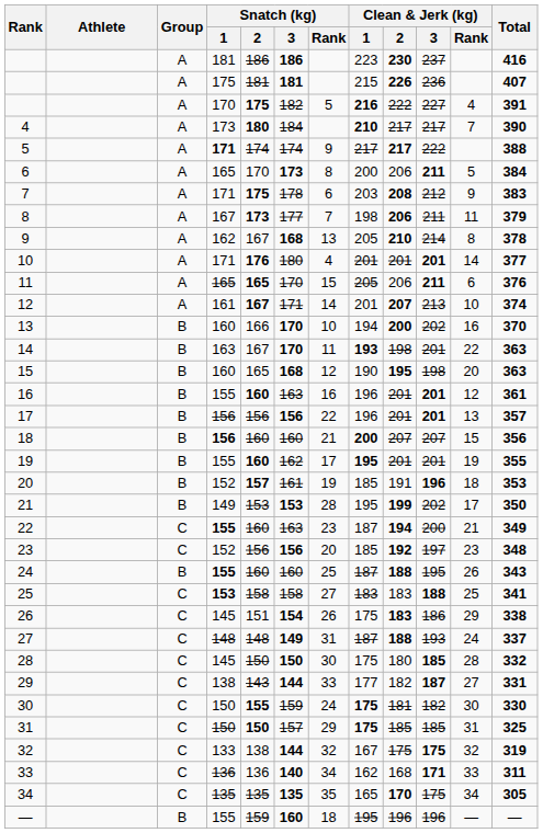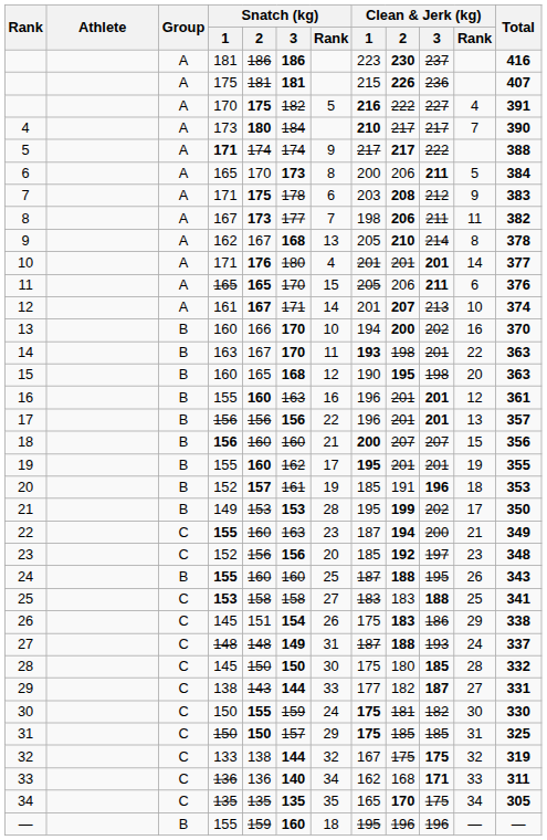 <table class = "wikitable" style="text-align:center;">
 <tr>
 <th rowspan=2 width=40>Rank</th>
 <th rowspan=2 width=250>Athlete</th>
 <th rowspan=2 width=50>Group</th>
 <th colspan=4>Snatch (kg)</th>
 <th colspan=4>Clean & Jerk (kg)</th>
 <th rowspan=2 width=60>Total</th>
 </tr>
 <tr>
 <th width=40>1</th>
 <th width=40>2</th>
 <th width=40>3</th>
 <th width=40>Rank</th>
 <th width=40>1</th>
 <th width=40>2</th>
 <th width=40>3</th>
 <th width=40>Rank</th>
 </tr>
 <tr>
 <td></td>
 <td align=left></td>
 <td>A</td>
 <td>181</td>
 <td><s>186 </s></td>
 <td><strong>186</strong></td>
 <td></td>
 <td>223</td>
 <td><strong>230</strong></td>
 <td><s>237 </s></td>
 <td></td>
 <td><strong>416</strong></td>
 </tr>
 <tr>
 <td></td>
 <td align=left></td>
 <td>A</td>
 <td>175</td>
 <td><s>181 </s></td>
 <td><strong>181</strong></td>
 <td></td>
 <td>215</td>
 <td><strong>226</strong></td>
 <td><s>236 </s></td>
 <td></td>
 <td><strong>407</strong></td>
 </tr>
 <tr>
 <td></td>
 <td align=left></td>
 <td>A</td>
 <td>170</td>
 <td><strong>175</strong></td>
 <td><s>182 </s></td>
 <td>5</td>
 <td><strong>216</strong></td>
 <td><s>222 </s></td>
 <td><s>227 </s></td>
 <td>4</td>
 <td><strong>391</strong></td>
 </tr>
 <tr>
 <td>4</td>
 <td align=left></td>
 <td>A</td>
 <td>173</td>
 <td><strong>180</strong></td>
 <td><s>184 </s></td>
 <td></td>
 <td><strong>210</strong></td>
 <td><s>217 </s></td>
 <td><s>217 </s></td>
 <td>7</td>
 <td><strong>390</strong></td>
 </tr>
 <tr>
 <td>5</td>
 <td align=left></td>
 <td>A</td>
 <td><strong>171</strong></td>
 <td><s>174 </s></td>
 <td><s>174 </s></td>
 <td>9</td>
 <td><s>217 </s></td>
 <td><strong>217</strong></td>
 <td><s>222 </s></td>
 <td></td>
 <td><strong>388</strong></td>
 </tr>
 <tr>
 <td>6</td>
 <td align=left></td>
 <td>A</td>
 <td>165</td>
 <td>170</td>
 <td><strong>173</strong></td>
 <td>8</td>
 <td>200</td>
 <td>206</td>
 <td><strong>211</strong></td>
 <td>5</td>
 <td><strong>384</strong></td>
 </tr>
 <tr>
 <td>7</td>
 <td align=left></td>
 <td>A</td>
 <td>171</td>
 <td><strong>175</strong></td>
 <td><s>178 </s></td>
 <td>6</td>
 <td>203</td>
 <td><strong>208</strong></td>
 <td><s>212 </s></td>
 <td>9</td>
 <td><strong>383</strong></td>
 </tr>
 <tr>
 <td>8</td>
 <td align=left></td>
 <td>A</td>
 <td>167</td>
 <td><strong>173</strong></td>
 <td><s>177 </s></td>
 <td>7</td>
 <td>198</td>
 <td><strong>206</strong></td>
 <td><s>211 </s></td>
 <td>11</td>
-<td><strong>379</strong></td>
+<td><strong>382</strong></td>
 </tr>
 <tr>
 <td>9</td>
 <td align=left></td>
 <td>A</td>
 <td>162</td>
 <td>167</td>
 <td><strong>168</strong></td>
 <td>13</td>
 <td>205</td>
 <td><strong>210</strong></td>
 <td><s>214 </s></td>
 <td>8</td>
 <td><strong>378</strong></td>
 </tr>
 <tr>
 <td>10</td>
 <td align=left></td>
 <td>A</td>
 <td>171</td>
 <td><strong>176</strong></td>
 <td><s>180 </s></td>
 <td>4</td>
 <td><s>201 </s></td>
 <td><s>201 </s></td>
 <td><strong>201</strong></td>
 <td>14</td>
 <td><strong>377</strong></td>
 </tr>
 <tr>
 <td>11</td>
 <td align=left></td>
 <td>A</td>
 <td><s>165 </s></td>
 <td><strong>165</strong></td>
 <td><s>170 </s></td>
 <td>15</td>
 <td><s>205 </s></td>
 <td>206</td>
 <td><strong>211</strong></td>
 <td>6</td>
 <td><strong>376</strong></td>
 </tr>
 <tr>
 <td>12</td>
 <td align=left></td>
 <td>A</td>
 <td>161</td>
 <td><strong>167</strong></td>
 <td><s>171 </s></td>
 <td>14</td>
 <td>201</td>
 <td><strong>207</strong></td>
 <td><s>213 </s></td>
 <td>10</td>
 <td><strong>374</strong></td>
 </tr>
 <tr>
 <td>13</td>
 <td align=left></td>
 <td>B</td>
 <td>160</td>
 <td>166</td>
 <td><strong>170</strong></td>
 <td>10</td>
 <td>194</td>
 <td><strong>200</strong></td>
 <td><s>202 </s></td>
 <td>16</td>
 <td><strong>370</strong></td>
 </tr>
 <tr>
 <td>14</td>
 <td align=left></td>
 <td>B</td>
 <td>163</td>
 <td>167</td>
 <td><strong>170</strong></td>
 <td>11</td>
 <td><strong>193</strong></td>
 <td><s>198 </s></td>
 <td><s>201 </s></td>
 <td>22</td>
 <td><strong>363</strong></td>
 </tr>
 <tr>
 <td>15</td>
 <td align=left></td>
 <td>B</td>
 <td>160</td>
 <td>165</td>
 <td><strong>168</strong></td>
 <td>12</td>
 <td>190</td>
 <td><strong>195</strong></td>
 <td><s>198 </s></td>
 <td>20</td>
 <td><strong>363</strong></td>
 </tr>
 <tr>
 <td>16</td>
 <td align=left></td>
 <td>B</td>
 <td>155</td>
 <td><strong>160</strong></td>
 <td><s>163 </s></td>
 <td>16</td>
 <td>196</td>
 <td><s>201 </s></td>
 <td><strong>201</strong></td>
 <td>12</td>
 <td><strong>361</strong></td>
 </tr>
 <tr>
 <td>17</td>
 <td align=left></td>
 <td>B</td>
 <td><s>156 </s></td>
 <td><s>156 </s></td>
 <td><strong>156</strong></td>
 <td>22</td>
 <td>196</td>
 <td><s>201 </s></td>
 <td><strong>201</strong></td>
 <td>13</td>
 <td><strong>357</strong></td>
 </tr>
 <tr>
 <td>18</td>
 <td align=left></td>
 <td>B</td>
 <td><strong>156</strong></td>
 <td><s>160 </s></td>
 <td><s>160 </s></td>
 <td>21</td>
 <td><strong>200</strong></td>
 <td><s>207 </s></td>
 <td><s>207</s></td>
 <td>15</td>
 <td><strong>356</strong></td>
 </tr>
 <tr>
 <td>19</td>
 <td align=left></td>
 <td>B</td>
 <td>155</td>
 <td><strong>160</strong></td>
 <td><s>162  </s></td>
 <td>17</td>
 <td><strong>195</strong></td>
 <td><s>201 </s></td>
 <td><s>201 </s></td>
 <td>19</td>
 <td><strong>355</strong></td>
 </tr>
 <tr>
 <td>20</td>
 <td align=left></td>
 <td>B</td>
 <td>152</td>
 <td><strong>157</strong></td>
 <td><s>161 </s></td>
 <td>19</td>
 <td>185</td>
 <td>191</td>
 <td><strong>196</strong></td>
 <td>18</td>
 <td><strong>353</strong></td>
 </tr>
 <tr>
 <td>21</td>
 <td align=left></td>
 <td>B</td>
 <td>149</td>
 <td><s>153 </s></td>
 <td><strong>153</strong></td>
 <td>28</td>
 <td>195</td>
 <td><strong>199</strong></td>
 <td><s>202 </s></td>
 <td>17</td>
 <td><strong>350</strong></td>
 </tr>
 <tr>
 <td>22</td>
 <td align=left></td>
 <td>C</td>
 <td><strong>155</strong></td>
 <td><s>160 </s></td>
 <td><s>163 </s></td>
 <td>23</td>
 <td>187</td>
 <td><strong>194</strong></td>
 <td><s>200 </s></td>
 <td>21</td>
 <td><strong>349</strong></td>
 </tr>
 <tr>
 <td>23</td>
 <td align=left></td>
 <td>C</td>
 <td>152</td>
 <td><s>156 </s></td>
 <td><strong>156</strong></td>
 <td>20</td>
 <td>185</td>
 <td><strong>192</strong></td>
 <td><s>197 </s></td>
 <td>23</td>
 <td><strong>348</strong></td>
 </tr>
 <tr>
 <td>24</td>
 <td align=left></td>
 <td>B</td>
 <td><strong>155</strong></td>
 <td><s>160 </s></td>
 <td><s>160 </s></td>
 <td>25</td>
 <td><s>187 </s></td>
 <td><strong>188</strong></td>
 <td><s>195 </s></td>
 <td>26</td>
 <td><strong>343</strong></td>
 </tr>
 <tr>
 <td>25</td>
 <td align=left></td>
 <td>C</td>
 <td><strong>153</strong></td>
 <td><s>158 </s></td>
 <td><s>158 </s></td>
 <td>27</td>
 <td><s>183</s></td>
 <td>183</td>
 <td><strong>188</strong></td>
 <td>25</td>
 <td><strong>341</strong></td>
 </tr>
 <tr>
 <td>26</td>
 <td align=left></td>
 <td>C</td>
 <td>145</td>
 <td>151</td>
 <td><strong>154</strong></td>
 <td>26</td>
 <td>175</td>
 <td><strong>183</strong></td>
 <td><s>186 </s></td>
 <td>29</td>
 <td><strong>338</strong></td>
 </tr>
 <tr>
 <td>27</td>
 <td align=left></td>
 <td>C</td>
 <td><s>148 </s></td>
 <td><s>148 </s></td>
 <td><strong>149</strong></td>
 <td>31</td>
 <td><s>187 </s></td>
 <td><strong>188</strong></td>
 <td><s>193 </s></td>
 <td>24</td>
 <td><strong>337</strong></td>
 </tr>
 <tr>
 <td>28</td>
 <td align=left></td>
 <td>C</td>
 <td>145</td>
 <td><s>150 </s></td>
 <td><strong>150</strong></td>
 <td>30</td>
 <td>175</td>
 <td>180</td>
 <td><strong>185</strong></td>
 <td>28</td>
 <td><strong>332</strong></td>
 </tr>
 <tr>
 <td>29</td>
 <td align=left></td>
 <td>C</td>
 <td>138</td>
 <td><s>143 </s></td>
 <td><strong>144</strong></td>
 <td>33</td>
 <td>177</td>
 <td>182</td>
 <td><strong>187</strong></td>
 <td>27</td>
 <td><strong>331</strong></td>
 </tr>
 <tr>
 <td>30</td>
 <td align=left></td>
 <td>C</td>
 <td>150</td>
 <td><strong>155</strong></td>
 <td><s>159 </s></td>
 <td>24</td>
 <td><strong>175</strong></td>
 <td><s>181 </s></td>
 <td><s>182 </s></td>
 <td>30</td>
 <td><strong>330</strong></td>
 </tr>
 <tr>
 <td>31</td>
 <td align=left></td>
 <td>C</td>
 <td><s>150 </s></td>
 <td><strong>150</strong></td>
 <td><s>157 </s></td>
 <td>29</td>
 <td><strong>175</strong></td>
 <td><s>185 </s></td>
 <td><s>185 </s></td>
 <td>31</td>
 <td><strong>325</strong></td>
 </tr>
 <tr>
 <td>32</td>
 <td align=left></td>
 <td>C</td>
 <td>133</td>
 <td>138</td>
 <td><strong>144</strong></td>
 <td>32</td>
 <td>167</td>
 <td><s>175 </s></td>
 <td><strong>175</strong></td>
 <td>32</td>
 <td><strong>319</strong></td>
 </tr>
 <tr>
 <td>33</td>
 <td align=left></td>
 <td>C</td>
 <td><s>136 </s></td>
 <td>136</td>
 <td><strong>140</strong></td>
 <td>34</td>
 <td>162</td>
 <td>168</td>
 <td><strong>171</strong></td>
 <td>33</td>
 <td><strong>311</strong></td>
 </tr>
 <tr>
 <td>34</td>
 <td align=left></td>
 <td>C</td>
 <td><s>135 </s></td>
 <td><s>135 </s></td>
 <td><strong>135</strong></td>
 <td>35</td>
 <td>165</td>
 <td><strong>170</strong></td>
 <td><s>175</s></td>
 <td>34</td>
 <td><strong>305</strong></td>
 </tr>
 <tr>
 <td>—</td>
 <td align=left></td>
 <td>B</td>
 <td>155</td>
 <td><s>159 </s></td>
 <td><strong>160</strong></td>
 <td>18</td>
 <td><s>195 </s></td>
 <td><s>196 </s></td>
 <td><s>196 </s></td>
 <td>—</td>
 <td>—</td>
 </tr>
 </table>
